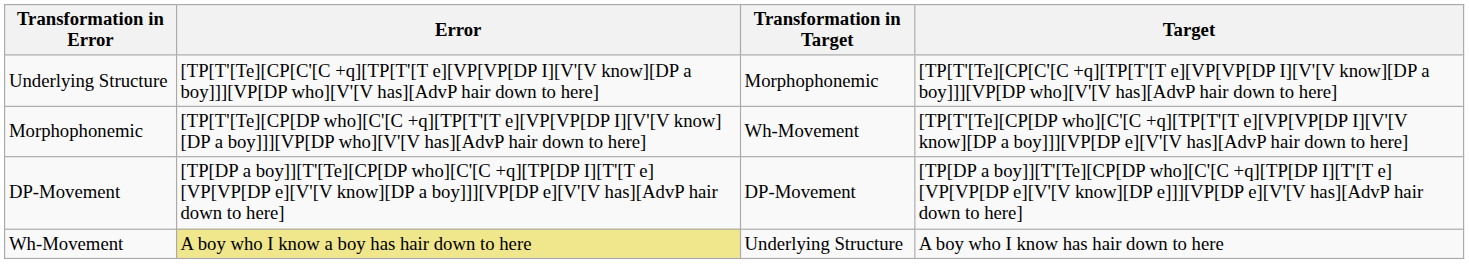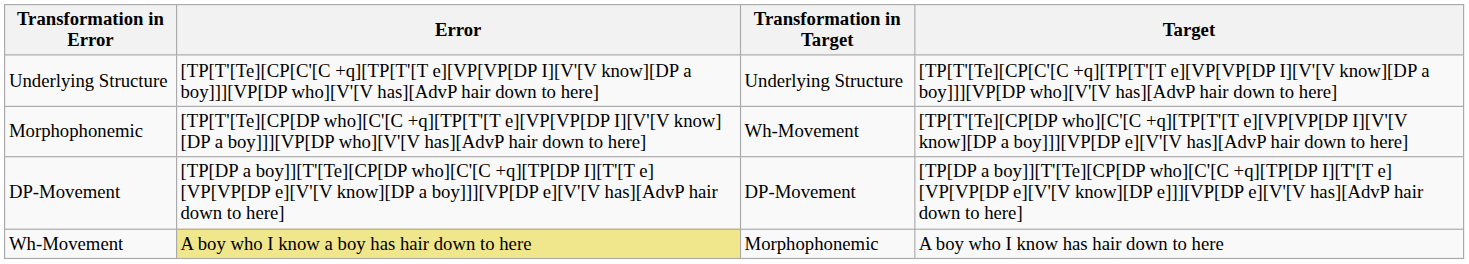 <table class="wikitable">
 <tr>
 <th>Transformation in Error</th>
 <th>Error</th>
 <th>Transformation in Target</th>
 <th>Target</th>
 </tr>
 <tr>
 <td>Underlying Structure</td>
 <td>[TP[T'[Te][CP[C'[C +q][TP[T'[T e][VP[VP[DP I][V'[V know][DP a boy]]][VP[DP who][V'[V has][AdvP hair down to here]</td>
-<td>Morphophonemic</td>
+<td>Underlying Structure</td>
 <td>[TP[T'[Te][CP[C'[C +q][TP[T'[T e][VP[VP[DP I][V'[V know][DP a boy]]][VP[DP who][V'[V has][AdvP hair down to here]</td>
 </tr>
 <tr>
 <td>Morphophonemic</td>
 <td>[TP[T'[Te][CP[DP who][C'[C +q][TP[T'[T e][VP[VP[DP I][V'[V know][DP a boy]]][VP[DP who][V'[V has][AdvP hair down to here]</td>
 <td>Wh-Movement</td>
 <td>[TP[T'[Te][CP[DP who][C'[C +q][TP[T'[T e][VP[VP[DP I][V'[V know][DP a boy]]][VP[DP e][V'[V has][AdvP hair down to here]</td>
 </tr>
 <tr>
 <td>DP-Movement</td>
 <td>[TP[DP a boy]][T'[Te][CP[DP who][C'[C +q][TP[DP I][T'[T e][VP[VP[DP e][V'[V know][DP a boy]]][VP[DP e][V'[V has][AdvP hair down to here]</td>
 <td>DP-Movement</td>
 <td>[TP[DP a boy]][T'[Te][CP[DP who][C'[C +q][TP[DP I][T'[T e][VP[VP[DP e][V'[V know][DP e]]][VP[DP e][V'[V has][AdvP hair down to here]</td>
 </tr>
 <tr>
 <td>Wh-Movement</td>
 <td style="background: khaki;">A boy who I know a boy has hair down to here</td>
-<td>Underlying Structure</td>
+<td>Morphophonemic</td>
 <td>A boy who I know has hair down to here</td>
 </tr>
 </table>
